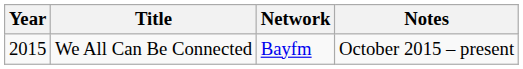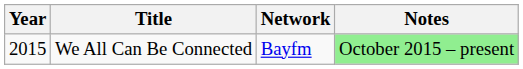 <table class="wikitable">
 <tr>
 <th>Year</th>
 <th>Title</th>
 <th>Network</th>
 <th>Notes</th>
 </tr>
 <tr>
 <td>2015</td>
 <td>We All Can Be Connected</td>
 <td><a href='#'>Bayfm</a></td>
-<td>October 2015 – present</td>
+<td style="background: lightgreen;">October 2015 – present</td>
 </tr>
 </table>
